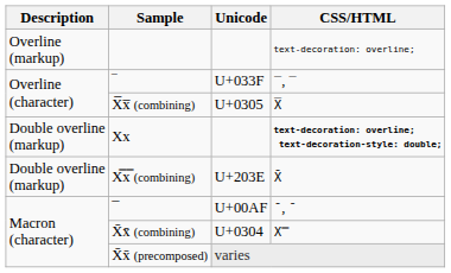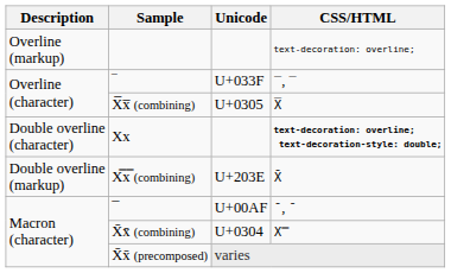 <table class="wikitable" align="right">
 <tr>
 <th>Description</th>
 <th>Sample</th>
 <th>Unicode</th>
 <th>CSS/HTML</th>
 </tr>
 <tr>
 <td>Overline<br>(markup)</td>
 <td></td>
 <td></td>
 <td style="font-size:75%"><code>text-decoration: overline;</code></td>
 </tr>
 <tr>
 <td rowspan="2">Overline<br>(character)</td>
 <td>‾</td>
 <td>U+033F</td>
 <td><code>&oline;</code>, <code>&#8254;</code></td>
 </tr>
 <tr>
 <td>X&#773;x&#773; <small> (combining)</small></td>
 <td>U+0305</td>
 <td><code>X&#773;</code></td>
 </tr>
 <tr>
-<td>Double overline<br>(markup)</td>
+<td>Double overline<br>(character)</td>
 <td><span>Xx</span></td>
 <td></td>
 <td style="font-size:75%"><strong><code>text-decoration: overline;<br> text-decoration-style: double;</code></strong></td>
 </tr>
 <tr>
 <td>Double overline<br>(markup)</td>
 <td>X&#831;x&#831; <small> (combining)</small></td>
 <td>U+203E</td>
 <td><code>X&#772;</code></td>
 </tr>
 <tr>
 <td rowspan="3">Macron<br>(character)</td>
 <td>¯</td>
 <td>U+00AF</td>
 <td><code>&macr;</code>, <code>&#175;</code></td>
 </tr>
 <tr>
 <td>X&#772;x&#772; <small> (combining)</small></td>
 <td>U+0304</td>
 <td><code>X&#831;</code></td>
 </tr>
 <tr>
 <td>X̄x̄ <small> (precomposed)</small></td>
 <td colspan="2" style="background: #ececec; color: #2C2C2C; vertical-align: middle; text-align: ">varies</td>
 </tr>
 </table>
